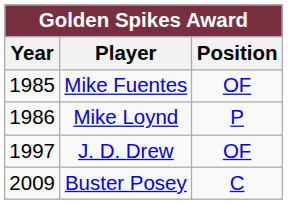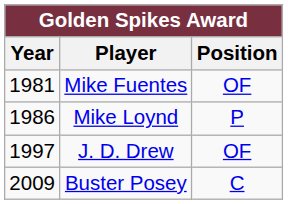 <table class="wikitable">
 <tr>
 <td colspan="5" style= "background:#782F40; color:white; text-align:center;"><strong>Golden Spikes Award</strong></td>
 </tr>
 <tr>
 <th>Year</th>
 <th>Player</th>
 <th>Position</th>
 </tr>
 <tr style="text-align:center;">
-<td>1985</td>
+<td>1981</td>
 <td><a href='#'>Mike Fuentes</a></td>
 <td><a href='#'>OF</a></td>
 </tr>
 <tr style="text-align:center;">
 <td>1986</td>
 <td><a href='#'>Mike Loynd</a></td>
 <td><a href='#'>P</a></td>
 </tr>
 <tr style="text-align:center;">
 <td>1997</td>
 <td><a href='#'>J. D. Drew</a></td>
 <td><a href='#'>OF</a></td>
 </tr>
 <tr style="text-align:center;">
 <td>2009</td>
 <td><a href='#'>Buster Posey</a></td>
 <td><a href='#'>C</a></td>
 </tr>
 </table>
